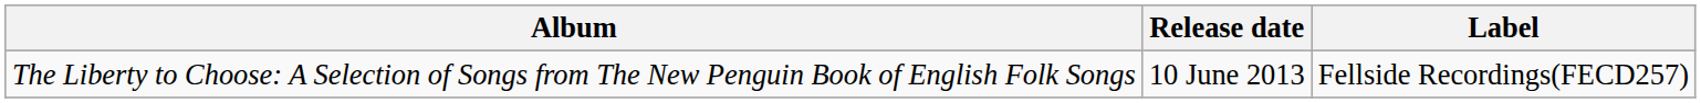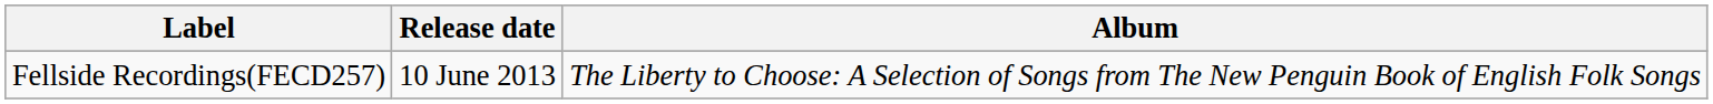 <table class="wikitable">
 <tr>
+<th>Label</th>
+<th>Release date</th>
 <th>Album</th>
-<th>Release date</th>
-<th>Label</th>
 </tr>
 <tr>
+<td>Fellside Recordings(FECD257)</td>
+<td>10 June 2013</td>
 <td><em>The Liberty to Choose: A Selection of Songs from The New Penguin Book of English Folk Songs</em></td>
-<td>10 June 2013</td>
-<td>Fellside Recordings(FECD257)</td>
 </tr>
 </table>
